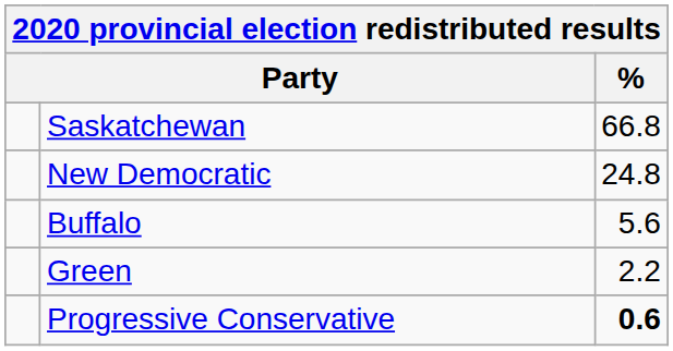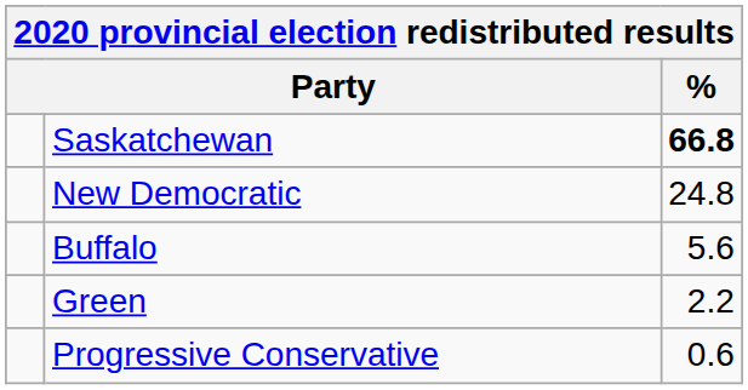 <table class="wikitable">
 <tr>
 <th colspan="4"><a href='#'>2020 provincial election</a> redistributed results</th>
 </tr>
 <tr>
 <th bgcolor="#DDDDFF" width="130px" colspan="2">Party</th>
 <th bgcolor="#DDDDFF" width="30px">%</th>
 </tr>
 <tr>
 <td> </td>
 <td><a href='#'>Saskatchewan</a></td>
-<td align=right>66.8</td>
+<td align=right><strong>66.8</strong></td>
 </tr>
 <tr>
 <td> </td>
 <td><a href='#'>New Democratic</a></td>
 <td align=right>24.8</td>
 </tr>
 <tr>
 <td> </td>
 <td><a href='#'>Buffalo</a></td>
 <td align=right>5.6</td>
 </tr>
 <tr>
 <td> </td>
 <td><a href='#'>Green</a></td>
 <td align=right>2.2</td>
 </tr>
 <tr>
 <td> </td>
 <td><a href='#'>Progressive Conservative</a></td>
-<td align=right><strong>0.6</strong></td>
+<td align=right>0.6</td>
 </tr>
 </table>
